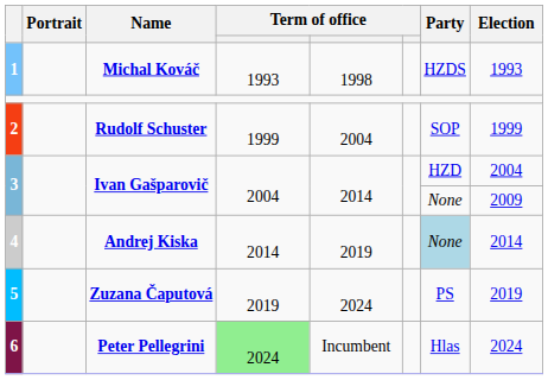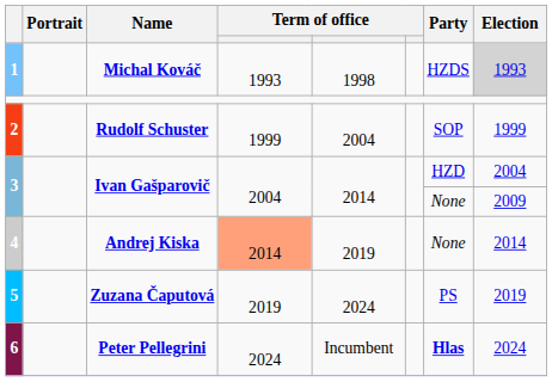 <table class="wikitable" style="line-height:1.4em; text-align:center; border:1px #aaf solid;">
 <tr>
 <th rowspan="2" width="10"></th>
 <th rowspan="2">Portrait</th>
 <th rowspan="2">Name<br></th>
 <th colspan="3">Term of office</th>
 <th rowspan="2">Party</th>
 <th rowspan="2" width="65">Election</th>
 </tr>
 <tr>
 <th width="85"></th>
 <th width="85"></th>
 <th width="10"></th>
 </tr>
 <tr>
 <th style="background:#73C2FB; color:white"><strong>1</strong></th>
 <td></td>
 <td><strong><a href='#'>Michal Kováč</a></strong><br></td>
 <td class="nowrap"><br>1993</td>
 <td class="nowrap"><br>1998</td>
 <td></td>
 <td><a href='#'>HZDS</a></td>
-<td><a href='#'>1993</a></td>
+<td style="background: lightgrey;"><a href='#'>1993</a></td>
 </tr>
 <tr>
 <td colspan="8"></td>
 </tr>
 <tr>
 <th style="background:#f53e13; color:white"><strong>2</strong></th>
 <td></td>
 <td><strong><a href='#'>Rudolf Schuster</a></strong><br></td>
 <td class="nowrap"><br>1999</td>
 <td class="nowrap"><br>2004</td>
 <td></td>
 <td><a href='#'>SOP</a></td>
 <td><a href='#'>1999</a></td>
 </tr>
 <tr>
 <th rowspan="2" style="background:#79b6d7; color:white"><strong>3</strong></th>
 <td rowspan="2"></td>
 <td rowspan="2"><strong><a href='#'>Ivan Gašparovič</a></strong><br></td>
 <td rowspan="2"><br>2004</td>
 <td rowspan="2"><br>2014</td>
 <td rowspan="2"></td>
 <td><a href='#'>HZD</a></td>
 <td><a href='#'>2004</a></td>
 </tr>
 <tr>
 <td><em>None</em></td>
 <td><a href='#'>2009</a></td>
 </tr>
 <tr>
 <th style="background:#cccccc; color:white"><strong>4</strong></th>
 <td></td>
 <td><strong><a href='#'>Andrej Kiska</a></strong><br></td>
-<td><br>2014</td>
+<td style="background: lightsalmon;"><br>2014</td>
 <td><br>2019</td>
 <td></td>
-<td style="background: lightblue;"><em>None</em></td>
+<td><em>None</em></td>
 <td><a href='#'>2014</a></td>
 </tr>
 <tr>
 <th style="background:#00bdff; color:white"><strong>5</strong></th>
 <td></td>
 <td><strong><a href='#'>Zuzana Čaputová</a></strong><br></td>
 <td><br>2019</td>
 <td><br>2024</td>
 <td></td>
 <td><a href='#'>PS</a></td>
 <td><a href='#'>2019</a></td>
 </tr>
 <tr>
 <th style="background:#7e1447; color:white"><strong>6</strong></th>
 <td></td>
 <td><strong><a href='#'>Peter Pellegrini</a></strong><br></td>
-<td style="background: lightgreen;"><br>2024</td>
+<td><br>2024</td>
 <td>Incumbent</td>
 <td></td>
-<td><a href='#'>Hlas</a></td>
+<td><strong><a href='#'>Hlas</a></strong></td>
 <td><a href='#'>2024</a></td>
 </tr>
 <tr>
 </tr>
 </table>
